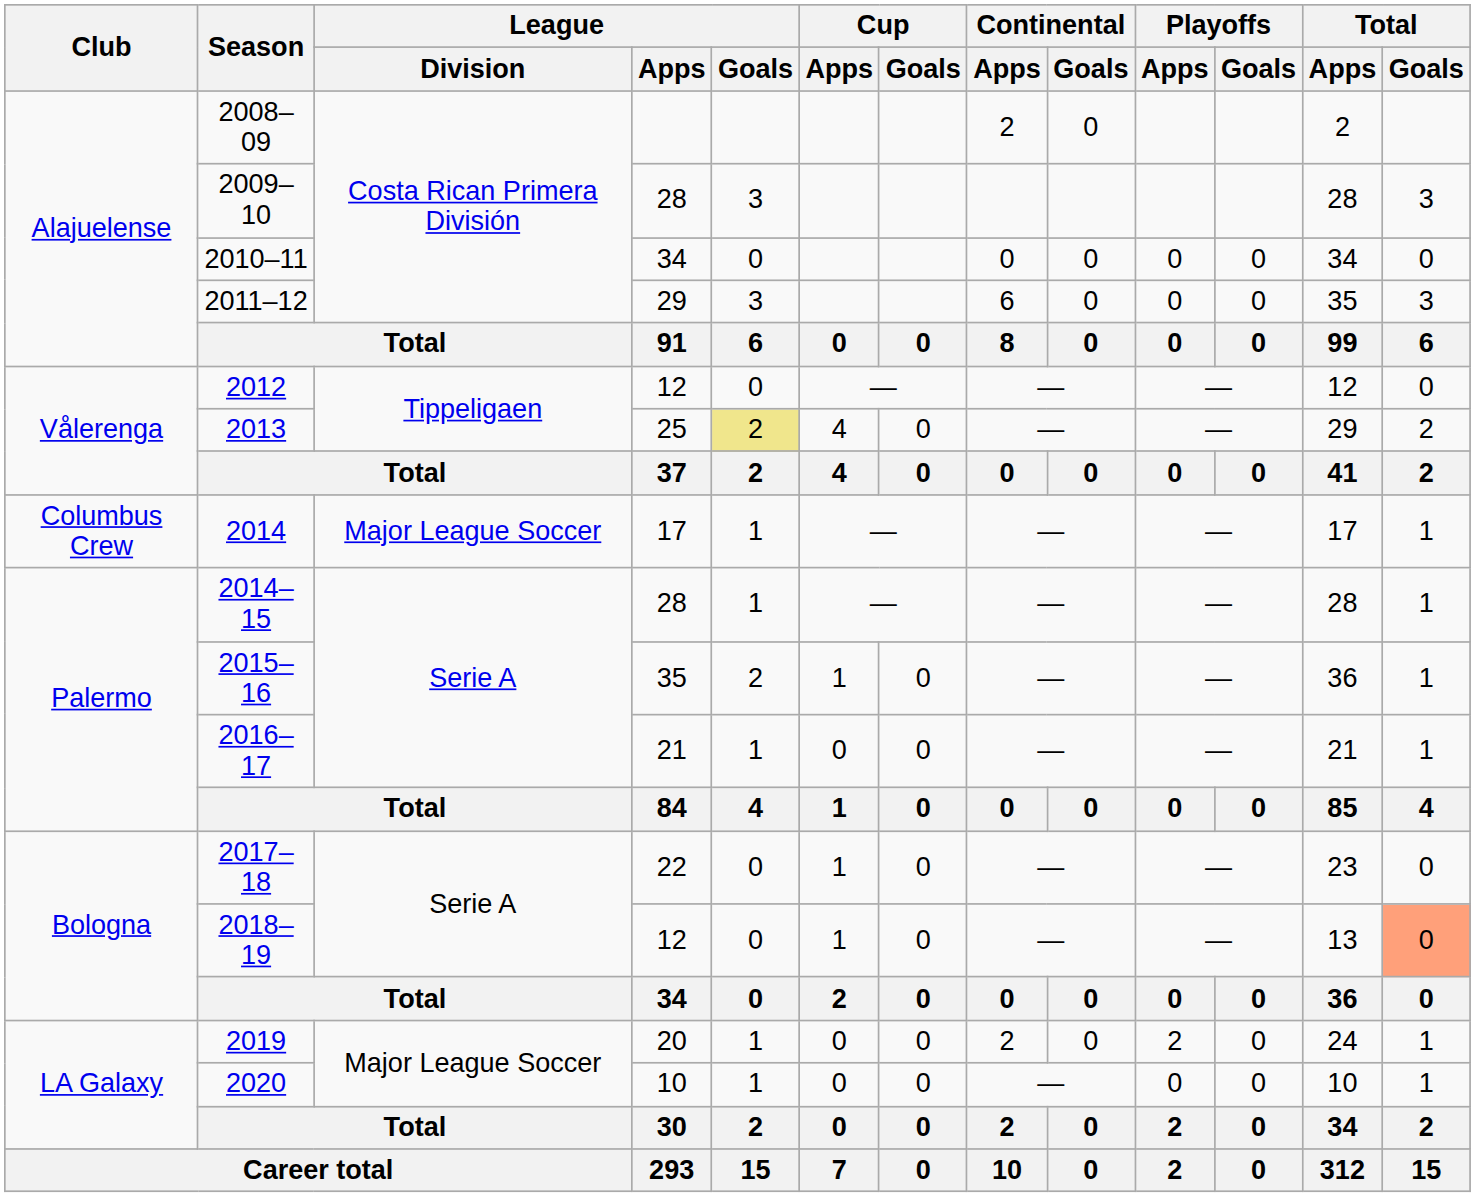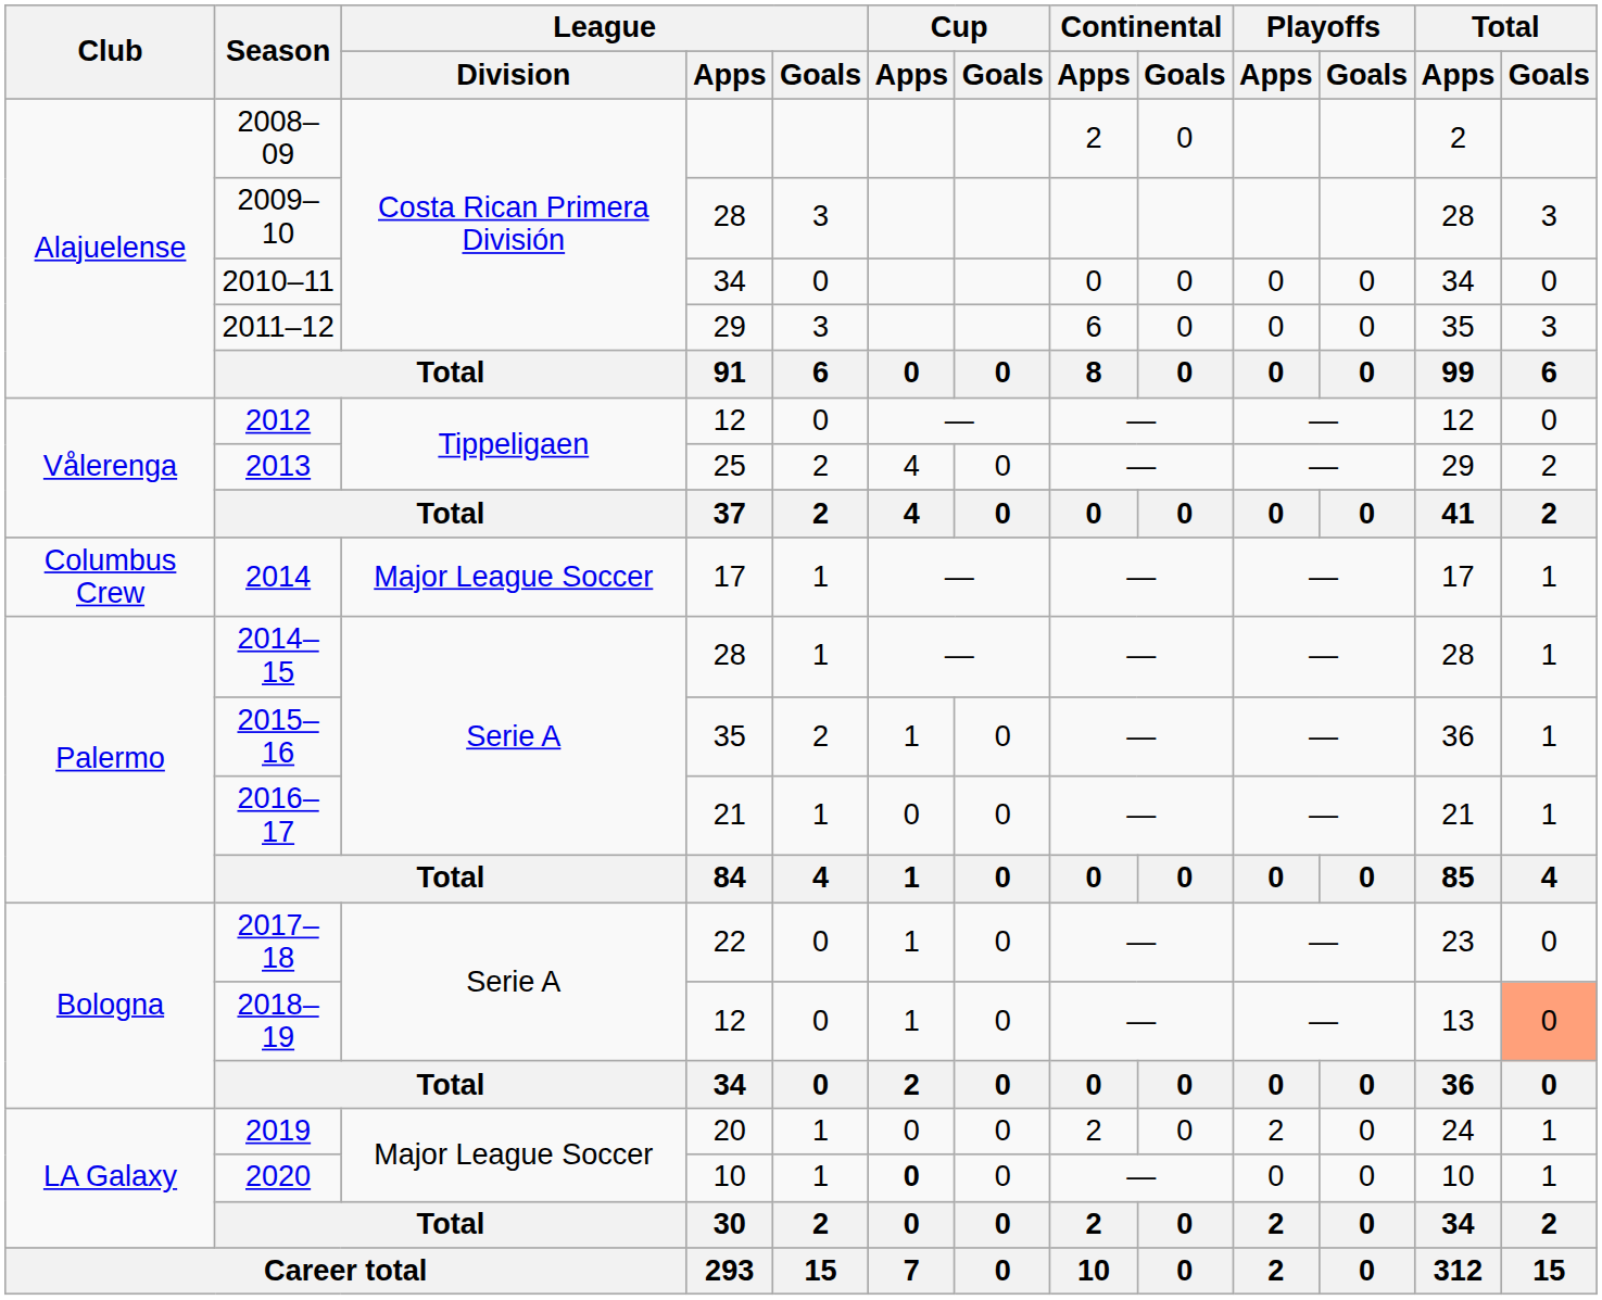 <table class="wikitable" style="text-align:center">
 <tr>
 <th rowspan="2">Club</th>
 <th rowspan="2">Season</th>
 <th colspan="3">League</th>
 <th colspan="2">Cup</th>
 <th colspan="2">Continental</th>
 <th colspan="2">Playoffs</th>
 <th colspan="2">Total</th>
 </tr>
 <tr>
 <th>Division</th>
 <th>Apps</th>
 <th>Goals</th>
 <th>Apps</th>
 <th>Goals</th>
 <th>Apps</th>
 <th>Goals</th>
 <th>Apps</th>
 <th>Goals</th>
 <th>Apps</th>
 <th>Goals</th>
 </tr>
 <tr>
 <td rowspan="5"><a href='#'>Alajuelense</a></td>
 <td>2008–09</td>
 <td rowspan="4"><a href='#'>Costa Rican Primera División</a></td>
 <td></td>
 <td></td>
 <td></td>
 <td></td>
 <td>2</td>
 <td>0</td>
 <td></td>
 <td></td>
 <td>2</td>
 <td></td>
 </tr>
 <tr>
 <td>2009–10</td>
 <td>28</td>
 <td>3</td>
 <td></td>
 <td></td>
 <td></td>
 <td></td>
 <td></td>
 <td></td>
 <td>28</td>
 <td>3</td>
 </tr>
 <tr>
 <td>2010–11</td>
 <td>34</td>
 <td>0</td>
 <td></td>
 <td></td>
 <td>0</td>
 <td>0</td>
 <td>0</td>
 <td>0</td>
 <td>34</td>
 <td>0</td>
 </tr>
 <tr>
 <td>2011–12</td>
 <td>29</td>
 <td>3</td>
 <td></td>
 <td></td>
 <td>6</td>
 <td>0</td>
 <td>0</td>
 <td>0</td>
 <td>35</td>
 <td>3</td>
 </tr>
 <tr>
 <th colspan="2">Total</th>
 <th>91</th>
 <th>6</th>
 <th>0</th>
 <th>0</th>
 <th>8</th>
 <th>0</th>
 <th>0</th>
 <th>0</th>
 <th>99</th>
 <th>6</th>
 </tr>
 <tr>
 <td rowspan="3"><a href='#'>Vålerenga</a></td>
 <td><a href='#'>2012</a></td>
 <td rowspan="2"><a href='#'>Tippeligaen</a></td>
 <td>12</td>
 <td>0</td>
 <td colspan="2">—</td>
 <td colspan="2">—</td>
 <td colspan="2">—</td>
 <td>12</td>
 <td>0</td>
 </tr>
 <tr>
 <td><a href='#'>2013</a></td>
 <td>25</td>
-<td style="background: khaki;">2</td>
+<td>2</td>
 <td>4</td>
 <td>0</td>
 <td colspan="2">—</td>
 <td colspan="2">—</td>
 <td>29</td>
 <td>2</td>
 </tr>
 <tr>
 <th colspan="2">Total</th>
 <th>37</th>
 <th>2</th>
 <th>4</th>
 <th>0</th>
 <th>0</th>
 <th>0</th>
 <th>0</th>
 <th>0</th>
 <th>41</th>
 <th>2</th>
 </tr>
 <tr>
 <td><a href='#'>Columbus Crew</a></td>
 <td><a href='#'>2014</a></td>
 <td><a href='#'>Major League Soccer</a></td>
 <td>17</td>
 <td>1</td>
 <td colspan="2">—</td>
 <td colspan="2">—</td>
 <td colspan="2">—</td>
 <td>17</td>
 <td>1</td>
 </tr>
 <tr>
 <td rowspan="4"><a href='#'>Palermo</a></td>
 <td><a href='#'>2014–15</a></td>
 <td rowspan="3"><a href='#'>Serie A</a></td>
 <td>28</td>
 <td>1</td>
 <td colspan="2">—</td>
 <td colspan="2">—</td>
 <td colspan="2">—</td>
 <td>28</td>
 <td>1</td>
 </tr>
 <tr>
 <td><a href='#'>2015–16</a></td>
 <td>35</td>
 <td>2</td>
 <td>1</td>
 <td>0</td>
 <td colspan="2">—</td>
 <td colspan="2">—</td>
 <td>36</td>
 <td>1</td>
 </tr>
 <tr>
 <td><a href='#'>2016–17</a></td>
 <td>21</td>
 <td>1</td>
 <td>0</td>
 <td>0</td>
 <td colspan="2">—</td>
 <td colspan="2">—</td>
 <td>21</td>
 <td>1</td>
 </tr>
 <tr>
 <th colspan="2">Total</th>
 <th>84</th>
 <th>4</th>
 <th>1</th>
 <th>0</th>
 <th>0</th>
 <th>0</th>
 <th>0</th>
 <th>0</th>
 <th>85</th>
 <th>4</th>
 </tr>
 <tr>
 <td rowspan="3"><a href='#'>Bologna</a></td>
 <td><a href='#'>2017–18</a></td>
 <td rowspan="2">Serie A</td>
 <td>22</td>
 <td>0</td>
 <td>1</td>
 <td>0</td>
 <td colspan="2">—</td>
 <td colspan="2">—</td>
 <td>23</td>
 <td>0</td>
 </tr>
 <tr>
 <td><a href='#'>2018–19</a></td>
 <td>12</td>
 <td>0</td>
 <td>1</td>
 <td>0</td>
 <td colspan="2">—</td>
 <td colspan="2">—</td>
 <td>13</td>
 <td style="background: lightsalmon;">0</td>
 </tr>
 <tr>
 <th colspan="2">Total</th>
 <th>34</th>
 <th>0</th>
 <th>2</th>
 <th>0</th>
 <th>0</th>
 <th>0</th>
 <th>0</th>
 <th>0</th>
 <th>36</th>
 <th>0</th>
 </tr>
 <tr>
 <td rowspan="3"><a href='#'>LA Galaxy</a></td>
 <td><a href='#'>2019</a></td>
 <td rowspan="2">Major League Soccer</td>
 <td>20</td>
 <td>1</td>
 <td>0</td>
 <td>0</td>
 <td>2</td>
 <td>0</td>
 <td>2</td>
 <td>0</td>
 <td>24</td>
 <td>1</td>
 </tr>
 <tr>
 <td><a href='#'>2020</a></td>
 <td>10</td>
 <td>1</td>
-<td>0</td>
+<td><strong>0</strong></td>
 <td>0</td>
 <td colspan="2">—</td>
 <td>0</td>
 <td>0</td>
 <td>10</td>
 <td>1</td>
 </tr>
 <tr>
 <th colspan="2">Total</th>
 <th>30</th>
 <th>2</th>
 <th>0</th>
 <th>0</th>
 <th>2</th>
 <th>0</th>
 <th>2</th>
 <th>0</th>
 <th>34</th>
 <th>2</th>
 </tr>
 <tr>
 <th colspan="3">Career total</th>
 <th>293</th>
 <th>15</th>
 <th>7</th>
 <th>0</th>
 <th>10</th>
 <th>0</th>
 <th>2</th>
 <th>0</th>
 <th>312</th>
 <th>15</th>
 </tr>
 </table>
